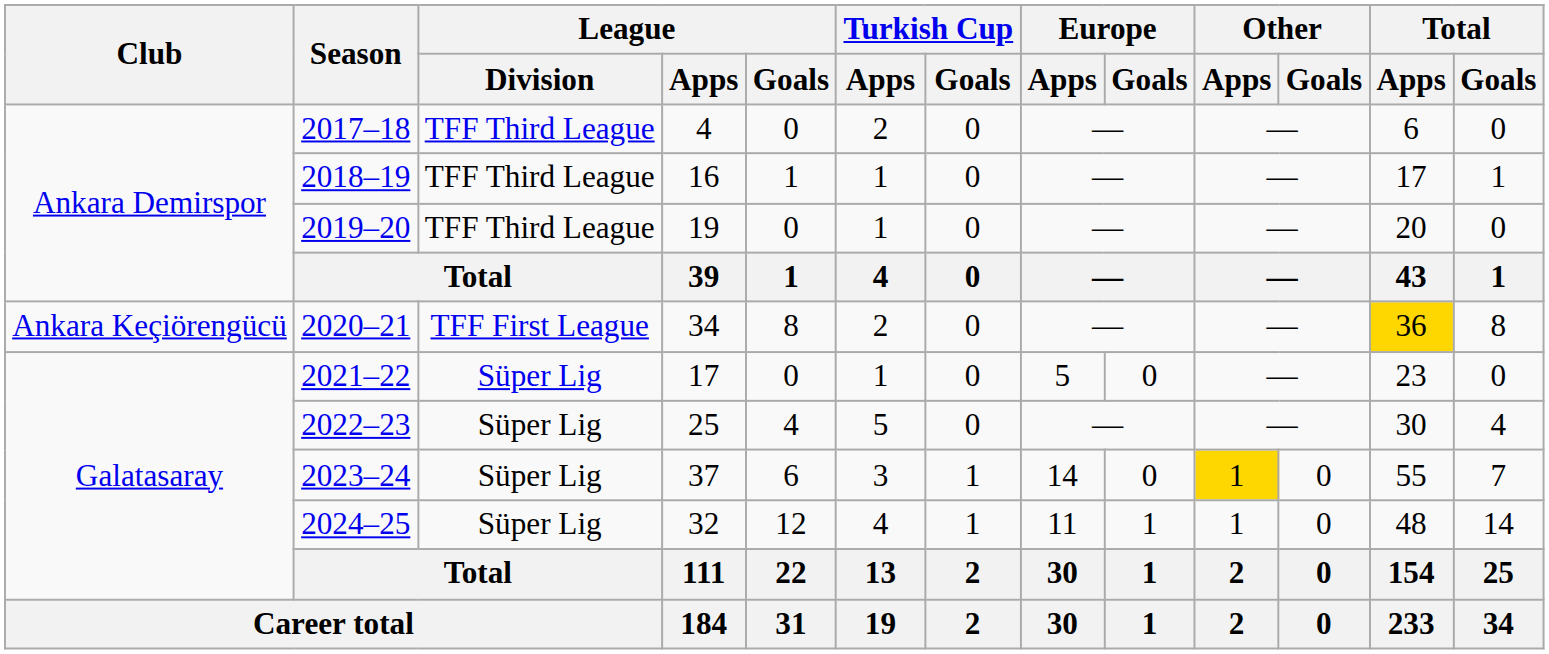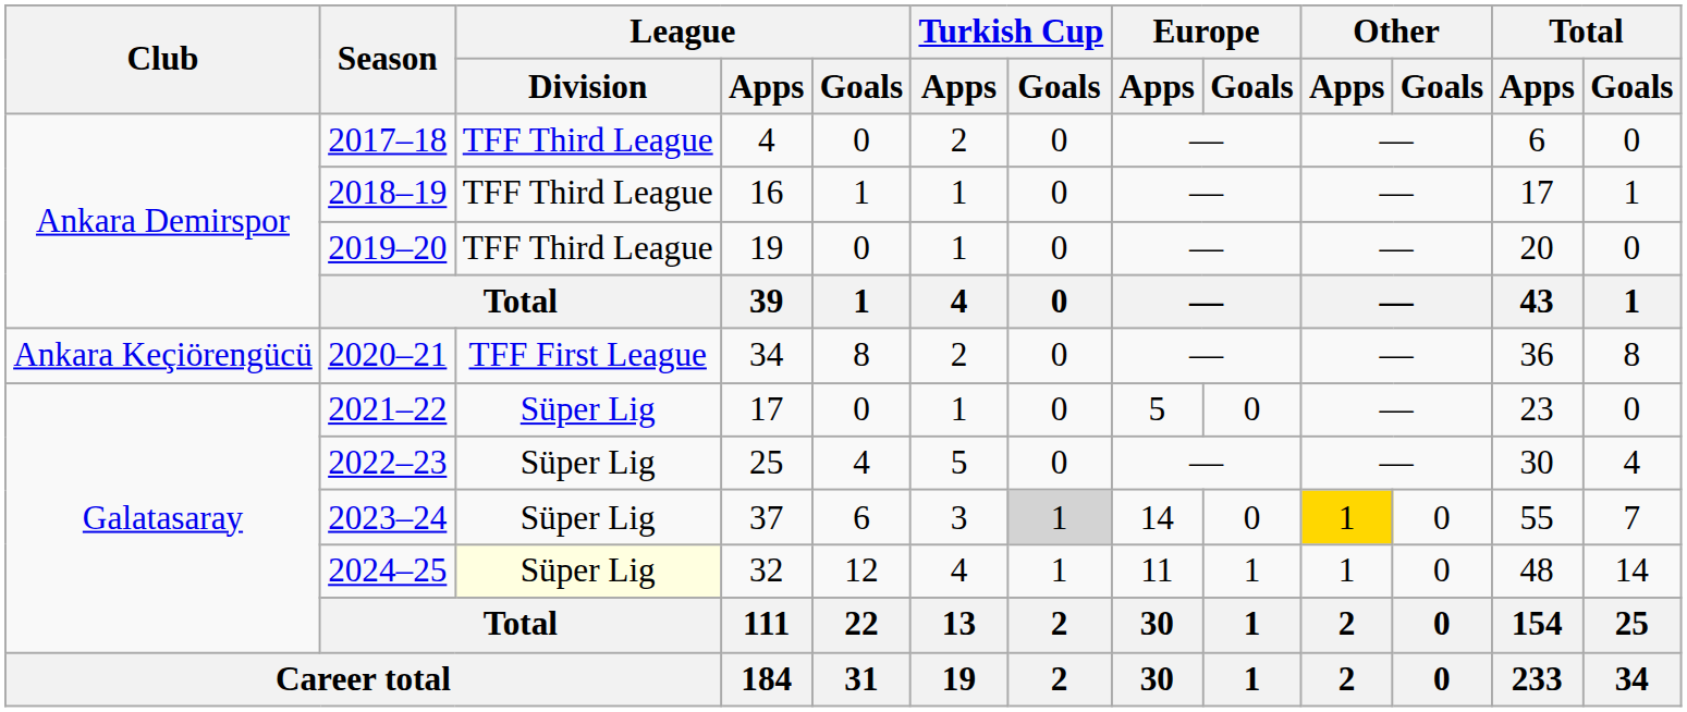 <table class="wikitable" style="text-align:center">
 <tr>
 <th rowspan="2">Club</th>
 <th rowspan="2">Season</th>
 <th colspan="3">League</th>
 <th colspan="2"><a href='#'>Turkish Cup</a></th>
 <th colspan="2">Europe</th>
 <th colspan="2">Other</th>
 <th colspan="2">Total</th>
 </tr>
 <tr>
 <th>Division</th>
 <th>Apps</th>
 <th>Goals</th>
 <th>Apps</th>
 <th>Goals</th>
 <th>Apps</th>
 <th>Goals</th>
 <th>Apps</th>
 <th>Goals</th>
 <th>Apps</th>
 <th>Goals</th>
 </tr>
 <tr>
 <td rowspan="4"><a href='#'>Ankara Demirspor</a></td>
 <td><a href='#'>2017–18</a></td>
 <td><a href='#'>TFF Third League</a></td>
 <td>4</td>
 <td>0</td>
 <td>2</td>
 <td>0</td>
 <td colspan="2">—</td>
 <td colspan="2">—</td>
 <td>6</td>
 <td>0</td>
 </tr>
 <tr>
 <td><a href='#'>2018–19</a></td>
 <td>TFF Third League</td>
 <td>16</td>
 <td>1</td>
 <td>1</td>
 <td>0</td>
 <td colspan="2">—</td>
 <td colspan="2">—</td>
 <td>17</td>
 <td>1</td>
 </tr>
 <tr>
 <td><a href='#'>2019–20</a></td>
 <td>TFF Third League</td>
 <td>19</td>
 <td>0</td>
 <td>1</td>
 <td>0</td>
 <td colspan="2">—</td>
 <td colspan="2">—</td>
 <td>20</td>
 <td>0</td>
 </tr>
 <tr>
 <th colspan="2">Total</th>
 <th>39</th>
 <th>1</th>
 <th>4</th>
 <th>0</th>
 <th colspan="2">—</th>
 <th colspan="2">—</th>
 <th>43</th>
 <th>1</th>
 </tr>
 <tr>
 <td><a href='#'>Ankara Keçiörengücü</a></td>
 <td><a href='#'>2020–21</a></td>
 <td><a href='#'>TFF First League</a></td>
 <td>34</td>
 <td>8</td>
 <td>2</td>
 <td>0</td>
 <td colspan="2">—</td>
 <td colspan="2">—</td>
-<td style="background: gold;">36</td>
+<td>36</td>
 <td>8</td>
 </tr>
 <tr>
 <td rowspan="5"><a href='#'>Galatasaray</a></td>
 <td><a href='#'>2021–22</a></td>
 <td><a href='#'>Süper Lig</a></td>
 <td>17</td>
 <td>0</td>
 <td>1</td>
 <td>0</td>
 <td>5</td>
 <td>0</td>
 <td colspan="2">—</td>
 <td>23</td>
 <td>0</td>
 </tr>
 <tr>
 <td><a href='#'>2022–23</a></td>
 <td>Süper Lig</td>
 <td>25</td>
 <td>4</td>
 <td>5</td>
 <td>0</td>
 <td colspan="2">—</td>
 <td colspan="2">—</td>
 <td>30</td>
 <td>4</td>
 </tr>
 <tr>
 <td><a href='#'>2023–24</a></td>
 <td>Süper Lig</td>
 <td>37</td>
 <td>6</td>
 <td>3</td>
-<td>1</td>
+<td style="background: lightgrey;">1</td>
 <td>14</td>
 <td>0</td>
 <td style="background: gold;">1</td>
 <td>0</td>
 <td>55</td>
 <td>7</td>
 </tr>
 <tr>
 <td><a href='#'>2024–25</a></td>
-<td>Süper Lig</td>
+<td style="background: lightyellow;">Süper Lig</td>
 <td>32</td>
 <td>12</td>
 <td>4</td>
 <td>1</td>
 <td>11</td>
 <td>1</td>
 <td>1</td>
 <td>0</td>
 <td>48</td>
 <td>14</td>
 </tr>
 <tr>
 <th colspan="2">Total</th>
 <th>111</th>
 <th>22</th>
 <th>13</th>
 <th>2</th>
 <th>30</th>
 <th>1</th>
 <th>2</th>
 <th>0</th>
 <th>154</th>
 <th>25</th>
 </tr>
 <tr>
 <th colspan="3">Career total</th>
 <th>184</th>
 <th>31</th>
 <th>19</th>
 <th>2</th>
 <th>30</th>
 <th>1</th>
 <th>2</th>
 <th>0</th>
 <th>233</th>
 <th>34</th>
 </tr>
 </table>
